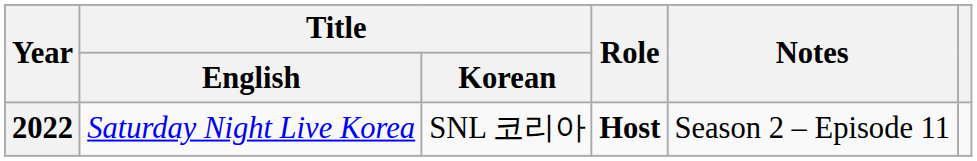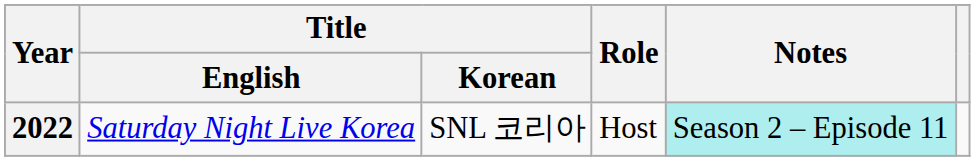 <table class="wikitable sortable plainrowheaders">
 <tr>
 <th scope="col" rowspan="2">Year</th>
 <th scope="col" colspan="2">Title</th>
 <th scope="col" rowspan="2">Role</th>
 <th scope="col" rowspan="2" class="unsortable">Notes</th>
 <th scope="col" rowspan="2" class="unsortable"></th>
 </tr>
 <tr>
 <th>English</th>
 <th>Korean</th>
 </tr>
 <tr>
 <th scope="row">2022</th>
 <td><em><a href='#'>Saturday Night Live Korea</a></em></td>
 <td>SNL 코리아</td>
-<td><strong>Host</strong></td>
-<td>Season 2 – Episode 11</td>
+<td>Host</td>
+<td style="background: paleturquoise;">Season 2 – Episode 11</td>
 <td></td>
 </tr>
 </table>
